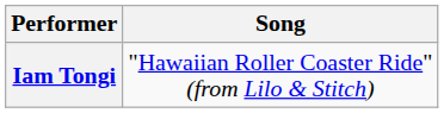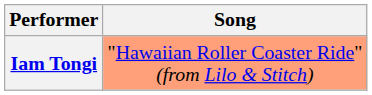 <table class="wikitable unsortable" style="text-align:center;">
 <tr>
 <th scope="col">Performer</th>
 <th scope="col">Song</th>
 </tr>
 <tr>
 <th scope="row"><a href='#'>Iam Tongi</a></th>
-<td>"<a href='#'>Hawaiian Roller Coaster Ride</a>"<br><em>(from <a href='#'>Lilo & Stitch</a>)</em></td>
+<td style="background: lightsalmon;">"<a href='#'>Hawaiian Roller Coaster Ride</a>"<br><em>(from <a href='#'>Lilo & Stitch</a>)</em></td>
 </tr>
 </table>
